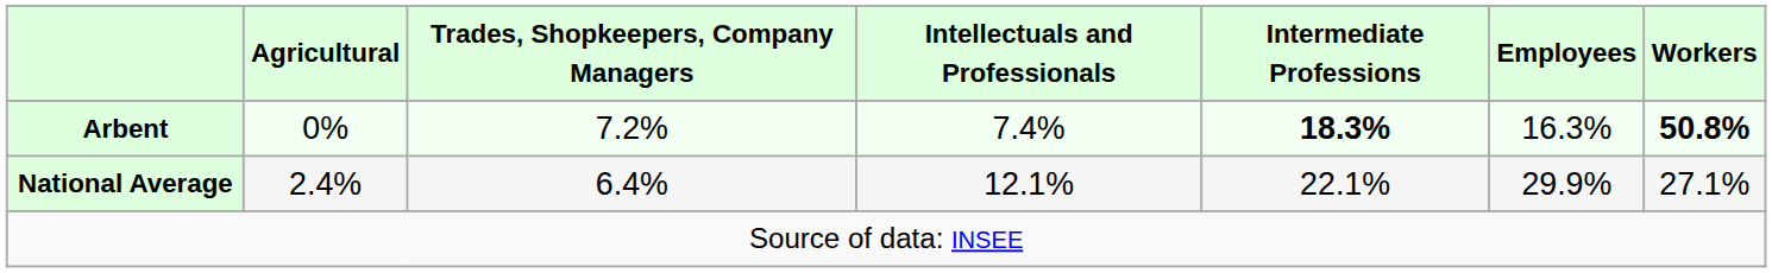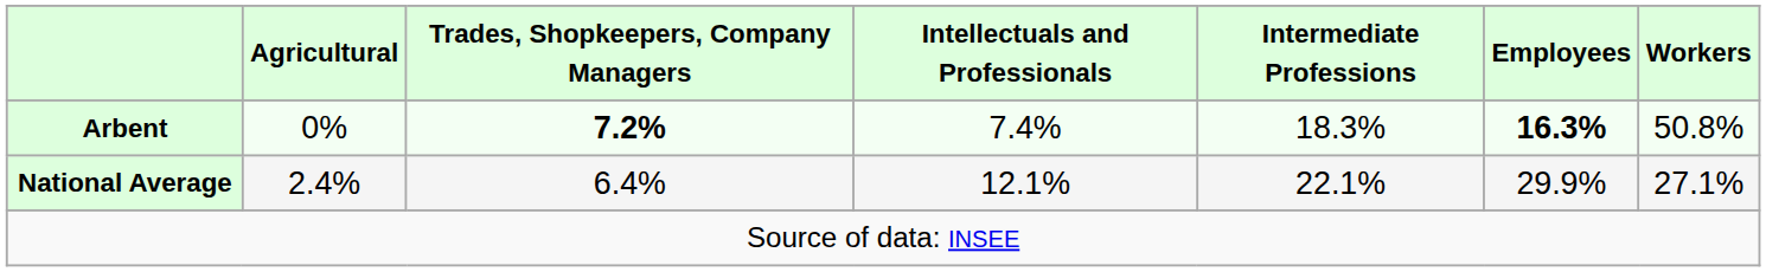 <table class="wikitable" style="font-size:90%;width:90%;border:0px;text-align:center;line-height:120%;margin:1em auto;">
 <tr>
 <th style="background: #ddffdd; color: #000000" width="100"> </th>
 <th style="background: #ddffdd; color:#000000;"><small>Agricultural</small></th>
 <th style="background: #ddffdd; color:#000000;"><small>Trades, Shopkeepers, Company Managers</small></th>
 <th style="background: #ddffdd; color:#000000;"><small>Intellectuals and Professionals</small></th>
 <th style="background: #ddffdd; color:#000000;"><small>Intermediate Professions</small></th>
 <th style="background: #ddffdd; color:#000000;"><small>Employees</small></th>
 <th style="background: #ddffdd; color:#000000;"><small>Workers</small></th>
 </tr>
 <tr>
 <th style="background: #ddffdd; color:#000000;"><small>Arbent</small></th>
 <td style="background: #f3fff3; color:#000000;">0%</td>
-<td style="background: #f3fff3; color:#000000;">7.2%</td>
+<td style="background: #f3fff3; color:#000000;"><strong>7.2%</strong></td>
 <td style="background: #f3fff3; color:#000000;">7.4%</td>
-<td style="background: #f3fff3; color:#000000;"><strong>18.3%</strong></td>
-<td style="background: #f3fff3; color:#000000;">16.3%</td>
-<td style="background: #f3fff3; color:#000000;"><strong>50.8%</strong></td>
+<td style="background: #f3fff3; color:#000000;">18.3%</td>
+<td style="background: #f3fff3; color:#000000;"><strong>16.3%</strong></td>
+<td style="background: #f3fff3; color:#000000;">50.8%</td>
 </tr>
 <tr>
 <th style="background: #ddffdd; color:#000000;" height="16;"><small>National Average</small></th>
 <td style="background: #F5F5F5; color: black;">2.4%</td>
 <td style="background: #F5F5F5; color: black;">6.4%</td>
 <td style="background: #F5F5F5; color: black;">12.1%</td>
 <td style="background: #F5F5F5; color: black;">22.1%</td>
 <td style="background: #F5F5F5; color: black;">29.9%</td>
 <td style="background: #F5F5F5; color: black;">27.1%</td>
 </tr>
 <tr>
 <td colspan="7" style="text-align:center;font-size:90%;">Source of data: <small><a href='#'>INSEE</a></small></td>
 </tr>
 </table>
